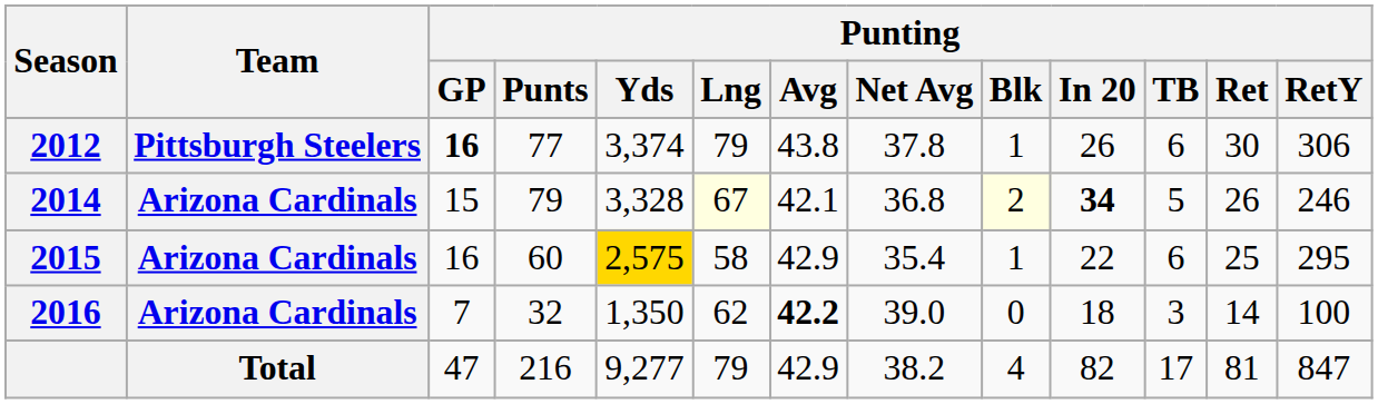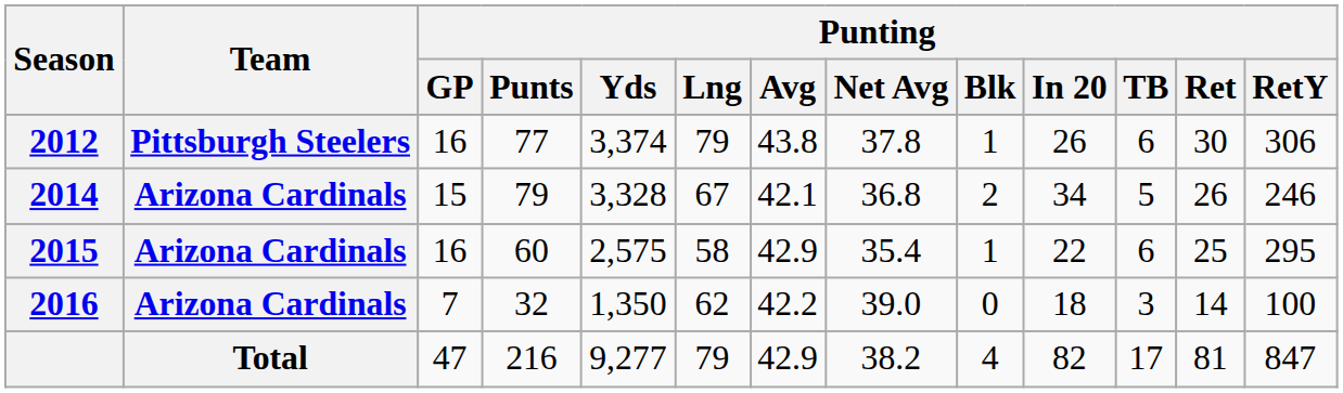 <table class=wikitable style="text-align:center;">
 <tr>
 <th rowspan=2>Season</th>
 <th rowspan=2>Team</th>
 <th colspan=16>Punting</th>
 </tr>
 <tr>
 <th>GP</th>
 <th>Punts</th>
 <th>Yds</th>
 <th>Lng</th>
 <th>Avg</th>
 <th>Net Avg</th>
 <th>Blk</th>
 <th>In 20</th>
 <th>TB</th>
 <th>Ret</th>
 <th>RetY</th>
 </tr>
 <tr>
 <th><a href='#'>2012</a></th>
 <th><a href='#'>Pittsburgh Steelers</a></th>
-<td><strong>16</strong></td>
+<td>16</td>
 <td>77</td>
 <td>3,374</td>
 <td>79</td>
 <td>43.8</td>
 <td>37.8</td>
 <td>1</td>
 <td>26</td>
 <td>6</td>
 <td>30</td>
 <td>306</td>
 </tr>
 <tr>
 <th><a href='#'>2014</a></th>
 <th><a href='#'>Arizona Cardinals</a></th>
 <td>15</td>
 <td>79</td>
 <td>3,328</td>
-<td style="background: lightyellow;">67</td>
+<td>67</td>
 <td>42.1</td>
 <td>36.8</td>
-<td style="background: lightyellow;">2</td>
-<td><strong>34</strong></td>
+<td>2</td>
+<td>34</td>
 <td>5</td>
 <td>26</td>
 <td>246</td>
 </tr>
 <tr>
 <th><a href='#'>2015</a></th>
 <th><a href='#'>Arizona Cardinals</a></th>
 <td>16</td>
 <td>60</td>
-<td style="background: gold;">2,575</td>
+<td>2,575</td>
 <td>58</td>
 <td>42.9</td>
 <td>35.4</td>
 <td>1</td>
 <td>22</td>
 <td>6</td>
 <td>25</td>
 <td>295</td>
 </tr>
 <tr>
 <th><a href='#'>2016</a></th>
 <th><a href='#'>Arizona Cardinals</a></th>
 <td>7</td>
 <td>32</td>
 <td>1,350</td>
 <td>62</td>
-<td><strong>42.2</strong></td>
+<td>42.2</td>
 <td>39.0</td>
 <td>0</td>
 <td>18</td>
 <td>3</td>
 <td>14</td>
 <td>100</td>
 </tr>
 <tr>
 <th></th>
 <th>Total</th>
 <td>47</td>
 <td>216</td>
 <td>9,277</td>
 <td>79</td>
 <td>42.9</td>
 <td>38.2</td>
 <td>4</td>
 <td>82</td>
 <td>17</td>
 <td>81</td>
 <td>847</td>
 </tr>
 </table>
